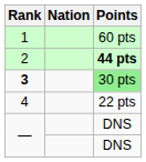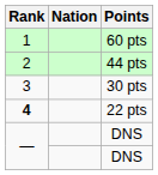 <table class="wikitable sortable" style="text-align:center">
 <tr>
 <th>Rank</th>
 <th>Nation</th>
 <th>Points</th>
 </tr>
 <tr style="background-color:#ccffcc">
 <td>1</td>
 <td align=left></td>
 <td>60 pts</td>
 </tr>
 <tr style="background-color:#ccffcc">
 <td>2</td>
 <td align=left></td>
-<td><strong>44 pts</strong></td>
+<td>44 pts</td>
 </tr>
 <tr>
-<td><strong>3</strong></td>
+<td>3</td>
 <td align=left></td>
-<td style="background: lightgreen;">30 pts</td>
+<td>30 pts</td>
 </tr>
 <tr>
-<td>4</td>
+<td><strong>4</strong></td>
 <td align=left></td>
 <td>22 pts</td>
 </tr>
 <tr>
 <td rowspan=2>—</td>
 <td align=left></td>
 <td>DNS</td>
 </tr>
 <tr>
 <td align=left></td>
 <td>DNS</td>
 </tr>
 </table>
